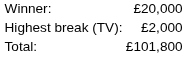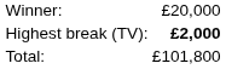 <table>
 <tr>
 <td>Winner:</td>
 <td align="right">£20,000</td>
 </tr>
 <tr>
 <td>Highest break (TV):</td>
-<td align="right">£2,000</td>
+<td align="right"><strong>£2,000</strong></td>
 </tr>
 <tr>
 <td>Total:</td>
 <td align="right">£101,800</td>
 </tr>
 </table>
